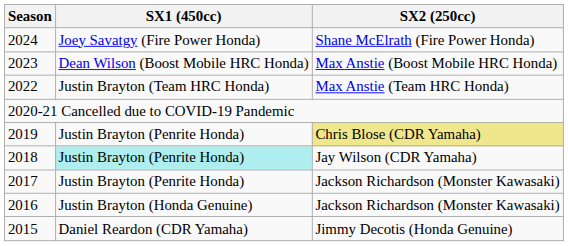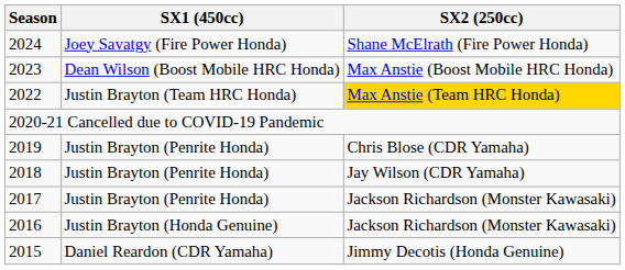 <table class="wikitable">
 <tr>
 <th>Season</th>
 <th>SX1 (450cc)</th>
 <th>SX2 (250cc)</th>
 </tr>
 <tr>
 <td>2024</td>
 <td> <a href='#'>Joey Savatgy</a> (Fire Power Honda)</td>
 <td> <a href='#'>Shane McElrath</a> (Fire Power Honda)</td>
 </tr>
 <tr>
 <td>2023</td>
 <td> <a href='#'>Dean Wilson</a> (Boost Mobile HRC Honda)</td>
 <td> <a href='#'>Max Anstie</a> (Boost Mobile HRC Honda)</td>
 </tr>
 <tr>
 <td>2022</td>
 <td> Justin Brayton (Team HRC Honda)</td>
-<td> <a href='#'>Max Anstie</a> (Team HRC Honda)</td>
+<td style="background: gold;"> <a href='#'>Max Anstie</a> (Team HRC Honda)</td>
 </tr>
 <tr>
 <td colspan="3">2020-21 Cancelled due to COVID-19 Pandemic</td>
 </tr>
 <tr>
 <td>2019</td>
 <td> Justin Brayton (Penrite Honda)</td>
-<td style="background: khaki;"> Chris Blose (CDR Yamaha)</td>
+<td> Chris Blose (CDR Yamaha)</td>
 </tr>
 <tr>
 <td>2018</td>
-<td style="background: paleturquoise;"> Justin Brayton (Penrite Honda)</td>
+<td> Justin Brayton (Penrite Honda)</td>
 <td> Jay Wilson (CDR Yamaha)</td>
 </tr>
 <tr>
 <td>2017</td>
 <td> Justin Brayton (Penrite Honda)</td>
 <td> Jackson Richardson (Monster Kawasaki)</td>
 </tr>
 <tr>
 <td>2016</td>
 <td> Justin Brayton (Honda Genuine)</td>
 <td> Jackson Richardson (Monster Kawasaki)</td>
 </tr>
 <tr>
 <td>2015</td>
 <td> Daniel Reardon (CDR Yamaha)</td>
 <td> Jimmy Decotis (Honda Genuine)</td>
 </tr>
 </table>
